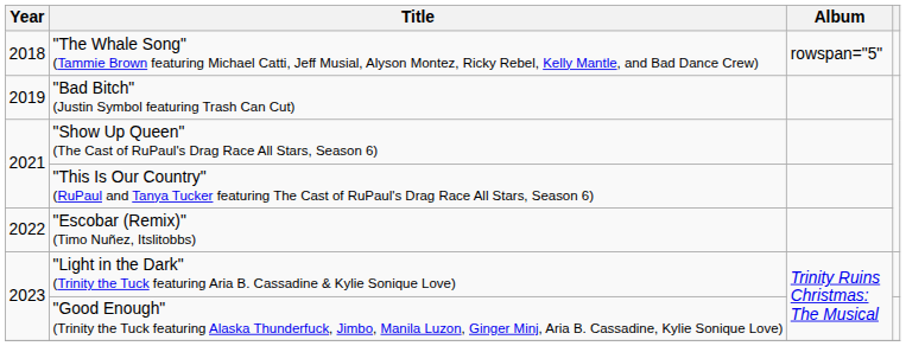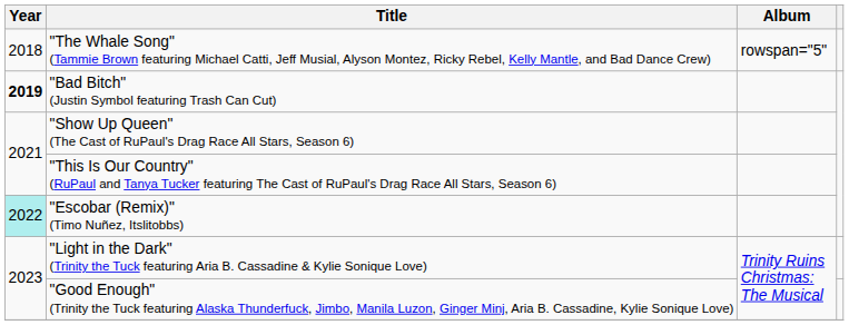 <table class="wikitable plainrowheaders sortable" style="text-align:left;">
 <tr>
 <th scope="col"  style="width:2em;">Year</th>
 <th scope="col">Title</th>
 <th scope="col"  style="width:6em;">Album</th>
 <th style="text-align: center;" class="unsortable"></th>
 </tr>
 <tr>
 <td>2018</td>
 <td>"The Whale Song" <br><small>(<a href='#'>Tammie Brown</a> featuring Michael Catti, Jeff Musial, Alyson Montez, Ricky Rebel, <a href='#'>Kelly Mantle</a>, and Bad Dance Crew)</small></td>
 <td>rowspan="5" </td>
 <td></td>
 </tr>
 <tr>
-<td>2019</td>
+<td><strong>2019</strong></td>
 <td>"Bad Bitch" <br><small>(Justin Symbol featuring Trash Can Cut)</small></td>
 <td></td>
 </tr>
 <tr>
 <td rowspan="2">2021</td>
 <td>"Show Up Queen"<br><small>(The Cast of RuPaul's Drag Race All Stars, Season 6)</small></td>
 <td style="text-align: center;"></td>
 </tr>
 <tr>
 <td>"This Is Our Country"<br><small>(<a href='#'>RuPaul</a> and <a href='#'>Tanya Tucker</a> featuring The Cast of RuPaul's Drag Race All Stars, Season 6)</small></td>
 <td style="text-align: center;"></td>
 </tr>
 <tr>
-<td>2022</td>
+<td style="background: paleturquoise;">2022</td>
 <td>"Escobar (Remix)"<br><small>(Timo Nuñez, Itslitobbs)</small></td>
 <td></td>
 </tr>
 <tr>
 <td rowspan="2">2023</td>
 <td scope="row">"Light in the Dark" <br><small>(<a href='#'>Trinity the Tuck</a> featuring Aria B. Cassadine & Kylie Sonique Love)</small></td>
 <td rowspan="2"><em><a href='#'>Trinity Ruins Christmas: The Musical</a></em></td>
 <td></td>
 </tr>
 <tr>
 <td scope="row">"Good Enough" <br><small>(Trinity the Tuck featuring <a href='#'>Alaska Thunderfuck</a>, <a href='#'>Jimbo</a>, <a href='#'>Manila Luzon</a>, <a href='#'>Ginger Minj</a>, Aria B. Cassadine, Kylie Sonique Love)</small></td>
 <td></td>
 </tr>
 <tr>
 </tr>
 </table>
